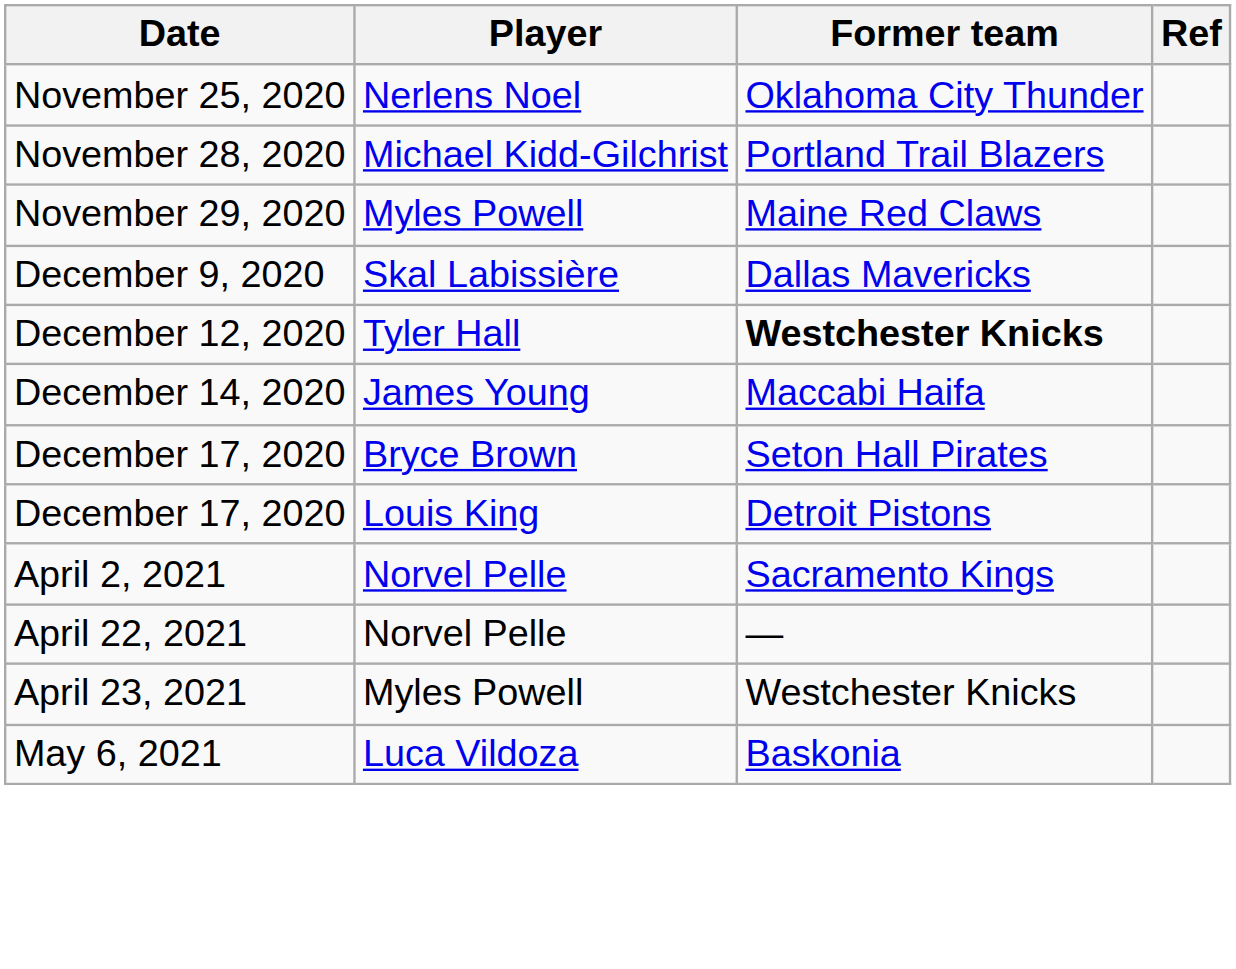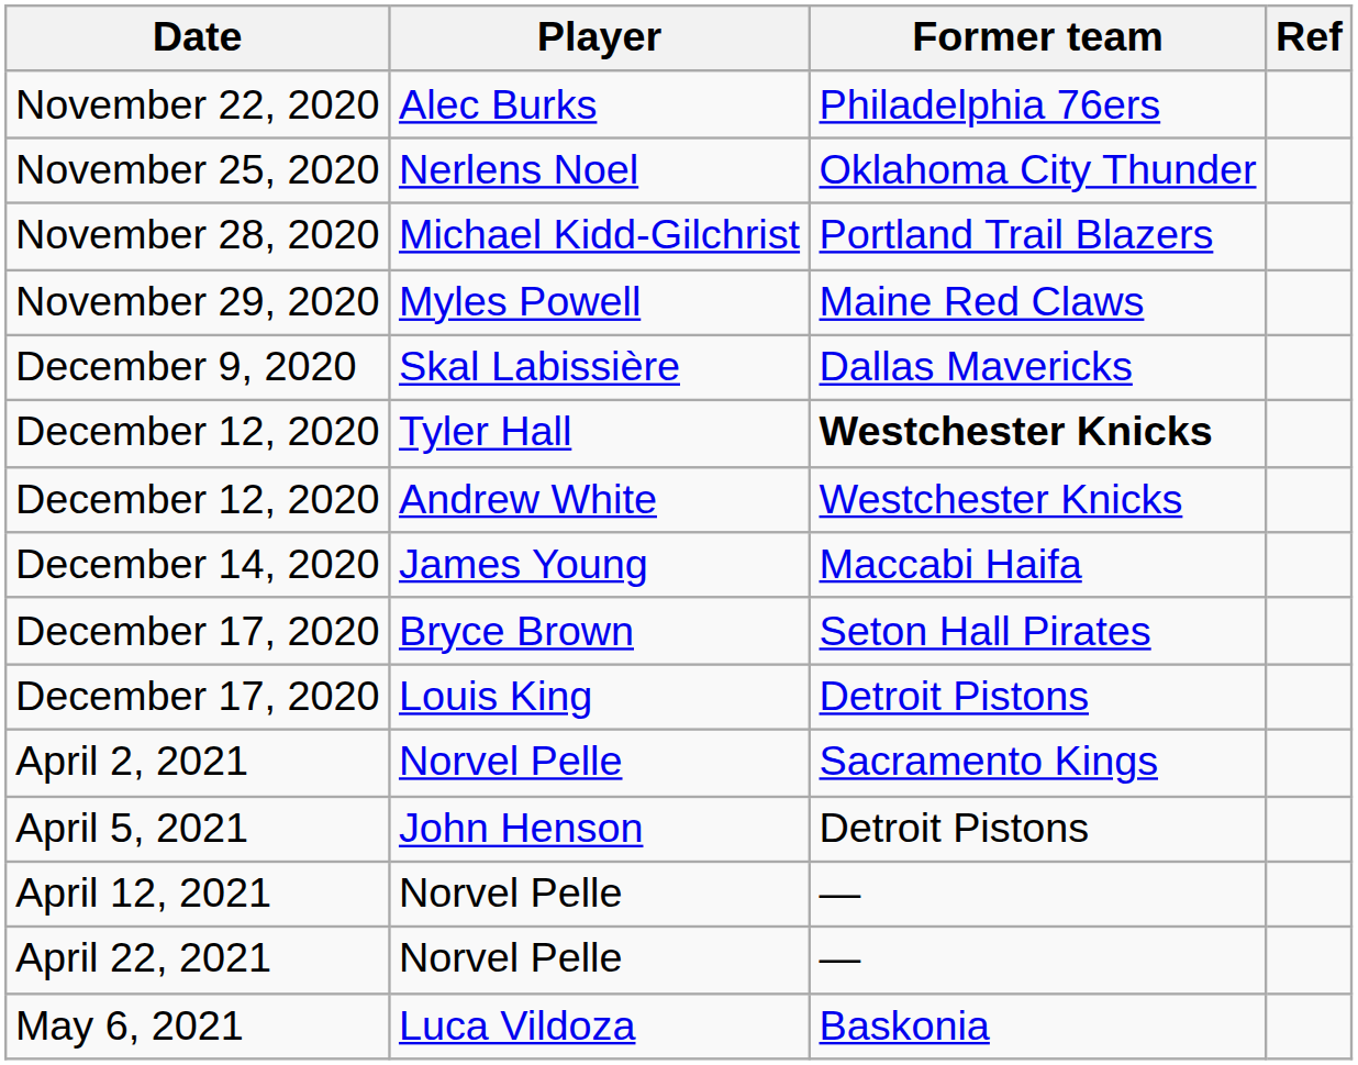 <table class="wikitable" style="text-align:left;">
 <tr>
 <th>Date</th>
 <th>Player</th>
 <th>Former team</th>
 <th>Ref</th>
+</tr>
+<tr>
+<td>November 22, 2020</td>
+<td><a href='#'>Alec Burks</a></td>
+<td><a href='#'>Philadelphia 76ers</a></td>
+<td></td>
 </tr>
 <tr>
 <td>November 25, 2020</td>
 <td><a href='#'>Nerlens Noel</a></td>
 <td><a href='#'>Oklahoma City Thunder</a></td>
 <td></td>
 </tr>
 <tr>
 <td>November 28, 2020</td>
 <td><a href='#'>Michael Kidd-Gilchrist</a></td>
 <td><a href='#'>Portland Trail Blazers</a></td>
 <td></td>
 </tr>
 <tr>
 <td>November 29, 2020</td>
 <td><a href='#'>Myles Powell</a></td>
 <td><a href='#'>Maine Red Claws</a></td>
 <td></td>
 </tr>
 <tr>
 <td>December 9, 2020</td>
 <td><a href='#'>Skal Labissière</a></td>
 <td><a href='#'>Dallas Mavericks</a></td>
 <td></td>
 </tr>
 <tr>
 <td>December 12, 2020</td>
 <td><a href='#'>Tyler Hall</a></td>
 <td><strong>Westchester Knicks</strong></td>
 <td></td>
 </tr>
 <tr>
+<td>December 12, 2020</td>
+<td><a href='#'>Andrew White</a></td>
+<td><a href='#'>Westchester Knicks</a></td>
+<td></td>
+</tr>
+<tr>
 <td>December 14, 2020</td>
 <td><a href='#'>James Young</a></td>
 <td><a href='#'>Maccabi Haifa</a></td>
 <td></td>
 </tr>
 <tr>
 <td>December 17, 2020</td>
 <td><a href='#'>Bryce Brown</a></td>
 <td><a href='#'>Seton Hall Pirates</a></td>
 <td></td>
 </tr>
 <tr>
 <td>December 17, 2020</td>
 <td><a href='#'>Louis King</a></td>
 <td><a href='#'>Detroit Pistons</a></td>
 <td></td>
 </tr>
 <tr>
 <td>April 2, 2021</td>
 <td><a href='#'>Norvel Pelle</a></td>
 <td><a href='#'>Sacramento Kings</a></td>
 <td></td>
 </tr>
 <tr>
-<td>April 22, 2021</td>
+<td>April 5, 2021</td>
+<td><a href='#'>John Henson</a></td>
+<td>Detroit Pistons</td>
+<td></td>
+</tr>
+<tr>
+<td>April 12, 2021</td>
 <td>Norvel Pelle</td>
 <td>—</td>
 <td></td>
 </tr>
 <tr>
-<td>April 23, 2021</td>
-<td>Myles Powell</td>
-<td>Westchester Knicks</td>
+<td>April 22, 2021</td>
+<td>Norvel Pelle</td>
+<td>—</td>
 <td></td>
 </tr>
 <tr>
 <td>May 6, 2021</td>
 <td><a href='#'>Luca Vildoza</a></td>
 <td><a href='#'>Baskonia</a></td>
 <td></td>
 </tr>
 </table>
